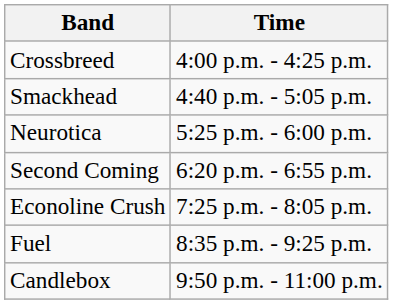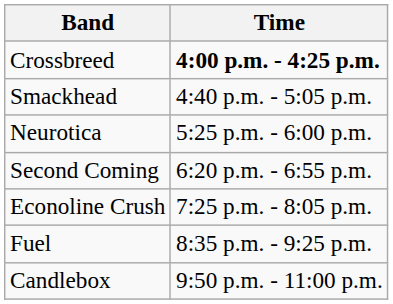 <table class="wikitable">
 <tr>
 <th>Band</th>
 <th>Time</th>
 </tr>
 <tr>
 <td>Crossbreed</td>
-<td>4:00 p.m. - 4:25 p.m.</td>
+<td><strong>4:00 p.m. - 4:25 p.m.</strong></td>
 </tr>
 <tr>
 <td>Smackhead</td>
 <td>4:40 p.m. - 5:05 p.m.</td>
 </tr>
 <tr>
 <td>Neurotica</td>
 <td>5:25 p.m. - 6:00 p.m.</td>
 </tr>
 <tr>
 <td>Second Coming</td>
 <td>6:20 p.m. - 6:55 p.m.</td>
 </tr>
 <tr>
 <td>Econoline Crush</td>
 <td>7:25 p.m. - 8:05 p.m.</td>
 </tr>
 <tr>
 <td>Fuel</td>
 <td>8:35 p.m. - 9:25 p.m.</td>
 </tr>
 <tr>
 <td>Candlebox</td>
 <td>9:50 p.m. - 11:00 p.m.</td>
 </tr>
 </table>
